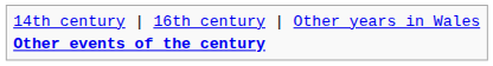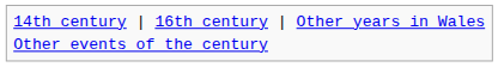 <table class="infobox" id="toc">
 <tr>
 <td align="left"><a href='#'>14th century</a> | <a href='#'>16th century</a> | <a href='#'>Other years in Wales</a></td>
 </tr>
 <tr>
-<td><strong><a href='#'>Other events of the century</a></strong></td>
+<td><a href='#'>Other events of the century</a></td>
 </tr>
 </table>
